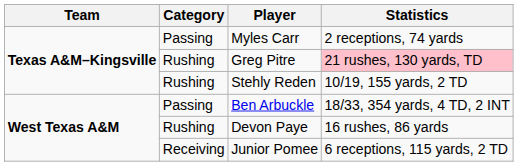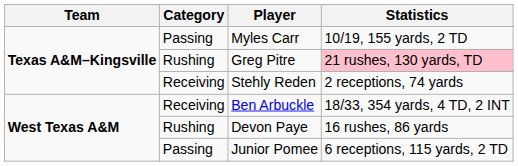 <table class="wikitable" style="float: left;">
 <tr>
 <th>Team</th>
 <th>Category</th>
 <th>Player</th>
 <th>Statistics</th>
 </tr>
 <tr>
 <td rowspan=3><strong>Texas A&M–Kingsville</strong></td>
 <td>Passing</td>
 <td>Myles Carr</td>
-<td>2 receptions, 74 yards</td>
+<td>10/19, 155 yards, 2 TD</td>
 </tr>
 <tr>
 <td>Rushing</td>
 <td>Greg Pitre</td>
 <td style="background: pink;">21 rushes, 130 yards, TD</td>
 </tr>
 <tr>
-<td>Rushing</td>
+<td>Receiving</td>
 <td>Stehly Reden</td>
-<td>10/19, 155 yards, 2 TD</td>
+<td>2 receptions, 74 yards</td>
 </tr>
 <tr>
 <td rowspan=3><strong>West Texas A&M</strong></td>
-<td>Passing</td>
+<td>Receiving</td>
 <td><a href='#'>Ben Arbuckle</a></td>
 <td>18/33, 354 yards, 4 TD, 2 INT</td>
 </tr>
 <tr>
 <td>Rushing</td>
 <td>Devon Paye</td>
 <td>16 rushes, 86 yards</td>
 </tr>
 <tr>
-<td>Receiving</td>
+<td>Passing</td>
 <td>Junior Pomee</td>
 <td>6 receptions, 115 yards, 2 TD</td>
 </tr>
 </table>
